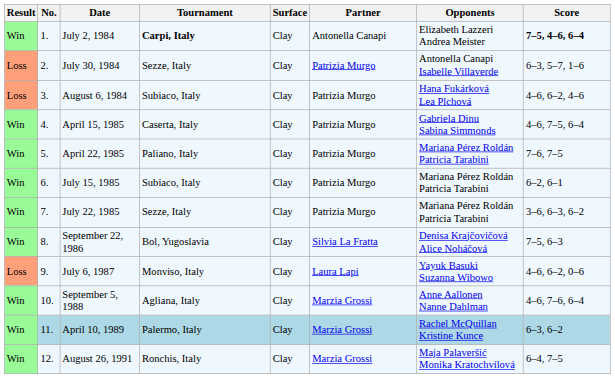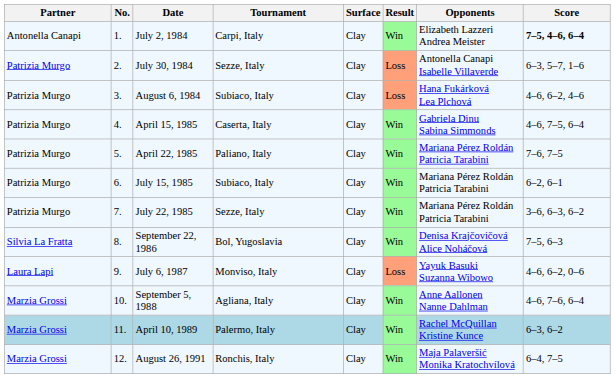 <table class="sortable wikitable" style="font-size:97%;">
 <tr>
-<th style="width:40px">Result</th>
+<th style="width:150px">Partner</th>
 <th style="width:25px">No.</th>
 <th style="width:110px">Date</th>
 <th style="width:185px">Tournament</th>
 <th style="width:50px">Surface</th>
-<th style="width:150px">Partner</th>
+<th style="width:40px">Result</th>
 <th style="width:150px">Opponents</th>
 <th style="width:120px" class="unsortable">Score</th>
 </tr>
 <tr style="background:#f0f8ff;">
-<td style="background:#98fb98;">Win</td>
+<td> Antonella Canapi</td>
 <td>1.</td>
 <td>July 2, 1984</td>
-<td><strong>Carpi, Italy</strong></td>
+<td>Carpi, Italy</td>
 <td>Clay</td>
-<td> Antonella Canapi</td>
+<td style="background:#98fb98;">Win</td>
 <td> Elizabeth Lazzeri <br>  Andrea Meister</td>
 <td><strong>7–5, 4–6, 6–4</strong></td>
 </tr>
 <tr style="background:#f0f8ff;">
-<td style="background:#ffa07a;">Loss</td>
+<td> <a href='#'>Patrizia Murgo</a></td>
 <td>2.</td>
 <td>July 30, 1984</td>
 <td>Sezze, Italy</td>
 <td>Clay</td>
-<td> <a href='#'>Patrizia Murgo</a></td>
+<td style="background:#ffa07a;">Loss</td>
 <td> Antonella Canapi <br>  <a href='#'>Isabelle Villaverde</a></td>
 <td>6–3, 5–7, 1–6</td>
 </tr>
 <tr style="background:#f0f8ff;">
-<td style="background:#ffa07a;">Loss</td>
+<td> Patrizia Murgo</td>
 <td>3.</td>
 <td>August 6, 1984</td>
 <td>Subiaco, Italy</td>
 <td>Clay</td>
-<td> Patrizia Murgo</td>
+<td style="background:#ffa07a;">Loss</td>
 <td> <a href='#'>Hana Fukárková</a> <br>  <a href='#'>Lea Plchová</a></td>
 <td>4–6, 6–2, 4–6</td>
 </tr>
 <tr style="background:#f0f8ff;">
-<td style="background:#98fb98;">Win</td>
+<td> Patrizia Murgo</td>
 <td>4.</td>
 <td>April 15, 1985</td>
 <td>Caserta, Italy</td>
 <td>Clay</td>
-<td> Patrizia Murgo</td>
+<td style="background:#98fb98;">Win</td>
 <td> <a href='#'>Gabriela Dinu</a> <br>  <a href='#'>Sabina Simmonds</a></td>
 <td>4–6, 7–5, 6–4</td>
 </tr>
 <tr style="background:#f0f8ff;">
-<td style="background:#98fb98;">Win</td>
+<td> Patrizia Murgo</td>
 <td>5.</td>
 <td>April 22, 1985</td>
 <td>Paliano, Italy</td>
 <td>Clay</td>
-<td> Patrizia Murgo</td>
+<td style="background:#98fb98;">Win</td>
 <td> <a href='#'>Mariana Pérez Roldán</a> <br>  <a href='#'>Patricia Tarabini</a></td>
 <td>7–6, 7–5</td>
 </tr>
 <tr style="background:#f0f8ff;">
-<td style="background:#98fb98;">Win</td>
+<td> Patrizia Murgo</td>
 <td>6.</td>
 <td>July 15, 1985</td>
 <td>Subiaco, Italy</td>
 <td>Clay</td>
-<td> Patrizia Murgo</td>
+<td style="background:#98fb98;">Win</td>
 <td> Mariana Pérez Roldán <br>  Patricia Tarabini</td>
 <td>6–2, 6–1</td>
 </tr>
 <tr style="background:#f0f8ff;">
-<td style="background:#98fb98;">Win</td>
+<td> Patrizia Murgo</td>
 <td>7.</td>
 <td>July 22, 1985</td>
 <td>Sezze, Italy</td>
 <td>Clay</td>
-<td> Patrizia Murgo</td>
+<td style="background:#98fb98;">Win</td>
 <td> Mariana Pérez Roldán <br>  Patricia Tarabini</td>
 <td>3–6, 6–3, 6–2</td>
 </tr>
 <tr style="background:#f0f8ff;">
-<td style="background:#98fb98;">Win</td>
+<td> <a href='#'>Silvia La Fratta</a></td>
 <td>8.</td>
 <td>September 22, 1986</td>
 <td>Bol, Yugoslavia</td>
 <td>Clay</td>
-<td> <a href='#'>Silvia La Fratta</a></td>
+<td style="background:#98fb98;">Win</td>
 <td> <a href='#'>Denisa Krajčovičová</a> <br>  <a href='#'>Alice Noháčová</a></td>
 <td>7–5, 6–3</td>
 </tr>
 <tr style="background:#f0f8ff;">
-<td style="background:#ffa07a;">Loss</td>
+<td> <a href='#'>Laura Lapi</a></td>
 <td>9.</td>
 <td>July 6, 1987</td>
 <td>Monviso, Italy</td>
 <td>Clay</td>
-<td> <a href='#'>Laura Lapi</a></td>
+<td style="background:#ffa07a;">Loss</td>
 <td> <a href='#'>Yayuk Basuki</a> <br>  <a href='#'>Suzanna Wibowo</a></td>
 <td>4–6, 6–2, 0–6</td>
 </tr>
 <tr style="background:#f0f8ff;">
-<td style="background:#98fb98;">Win</td>
+<td> <a href='#'>Marzia Grossi</a></td>
 <td>10.</td>
 <td>September 5, 1988</td>
 <td>Agliana, Italy</td>
 <td>Clay</td>
-<td> <a href='#'>Marzia Grossi</a></td>
+<td style="background:#98fb98;">Win</td>
 <td> <a href='#'>Anne Aallonen</a> <br>  <a href='#'>Nanne Dahlman</a></td>
 <td>4–6, 7–6, 6–4</td>
 </tr>
 <tr style="background:lightblue">
-<td style="background:#98fb98;">Win</td>
+<td> <a href='#'>Marzia Grossi</a></td>
 <td>11.</td>
 <td>April 10, 1989</td>
 <td>Palermo, Italy</td>
 <td>Clay</td>
-<td> <a href='#'>Marzia Grossi</a></td>
+<td style="background:#98fb98;">Win</td>
 <td> <a href='#'>Rachel McQuillan</a> <br>  <a href='#'>Kristine Kunce</a></td>
 <td>6–3, 6–2</td>
 </tr>
 <tr style="background:#f0f8ff;">
-<td style="background:#98fb98;">Win</td>
+<td> <a href='#'>Marzia Grossi</a></td>
 <td>12.</td>
 <td>August 26, 1991</td>
 <td>Ronchis, Italy</td>
 <td>Clay</td>
-<td> <a href='#'>Marzia Grossi</a></td>
+<td style="background:#98fb98;">Win</td>
 <td> <a href='#'>Maja Palaveršić</a> <br>  <a href='#'>Monika Kratochvílová</a></td>
 <td>6–4, 7–5</td>
 </tr>
 </table>
